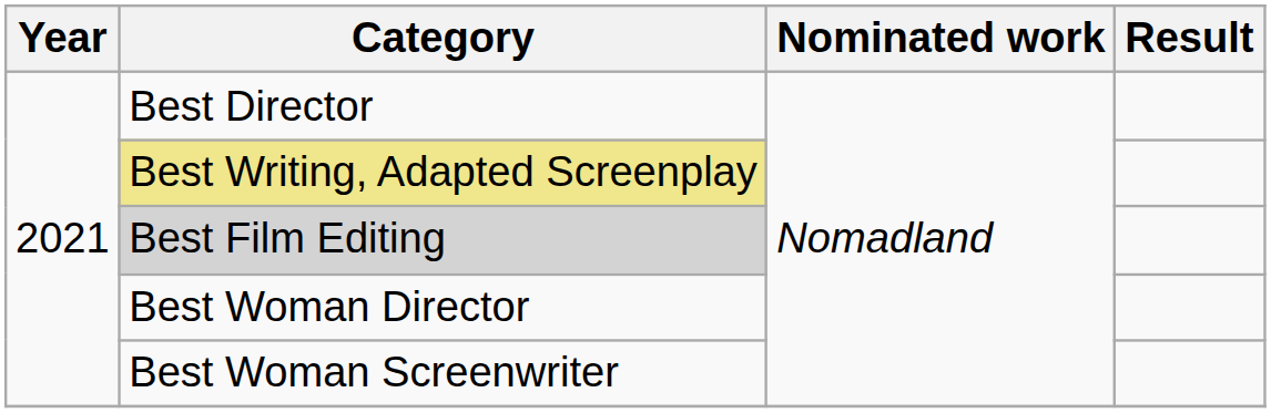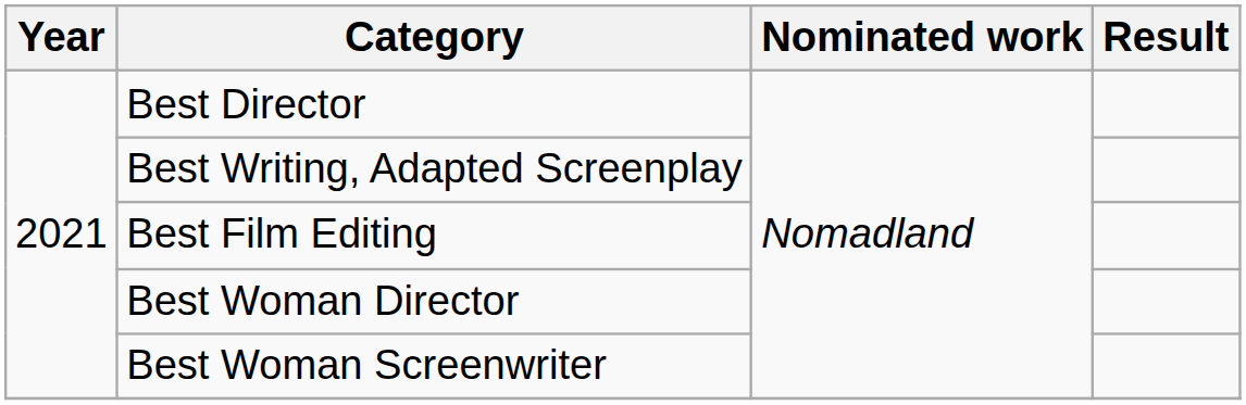 <table class="wikitable">
 <tr>
 <th>Year</th>
 <th>Category</th>
 <th>Nominated work</th>
 <th>Result</th>
 </tr>
 <tr>
 <td rowspan="5">2021</td>
 <td>Best Director</td>
 <td rowspan="5"><em>Nomadland</em></td>
 <td></td>
 </tr>
 <tr>
-<td style="background: khaki;">Best Writing, Adapted Screenplay</td>
+<td>Best Writing, Adapted Screenplay</td>
 <td></td>
 </tr>
 <tr>
-<td style="background: lightgrey;">Best Film Editing</td>
+<td>Best Film Editing</td>
 <td></td>
 </tr>
 <tr>
 <td>Best Woman Director</td>
 <td></td>
 </tr>
 <tr>
 <td>Best Woman Screenwriter</td>
 <td></td>
 </tr>
 <tr>
 </tr>
 </table>
